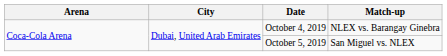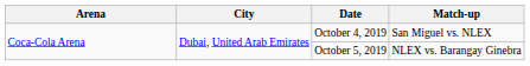 <table class="wikitable sortable" style="font-size:95%">
 <tr>
 <th width=33%>Arena</th>
 <th>City</th>
 <th>Date</th>
 <th>Match-up</th>
 </tr>
 <tr>
 <td rowspan=2><a href='#'>Coca-Cola Arena</a></td>
 <td rowspan=2><a href='#'>Dubai</a>, <a href='#'>United Arab Emirates</a></td>
 <td>October 4, 2019</td>
-<td>NLEX vs. Barangay Ginebra</td>
+<td>San Miguel vs. NLEX</td>
 </tr>
 <tr>
 <td>October 5, 2019</td>
-<td>San Miguel vs. NLEX</td>
+<td>NLEX vs. Barangay Ginebra</td>
 </tr>
 </table>
